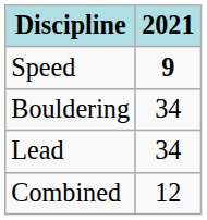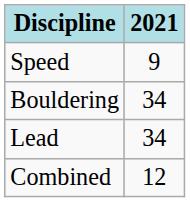 <table class="wikitable" style="text-align: center;">
 <tr>
 <th style="background: #b0e0e6;">Discipline</th>
 <th style="background: #b0e0e6;">2021</th>
 </tr>
 <tr>
 <td align="left">Speed</td>
-<td><strong>9</strong></td>
+<td>9</td>
 </tr>
 <tr>
 <td align="left">Bouldering</td>
 <td>34</td>
 </tr>
 <tr>
 <td align="left">Lead</td>
 <td>34</td>
 </tr>
 <tr>
 <td align="left">Combined</td>
 <td>12</td>
 </tr>
 </table>
